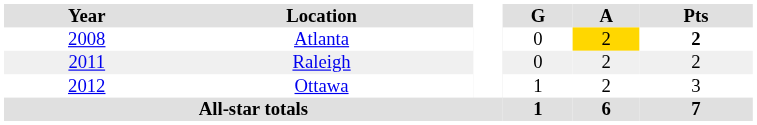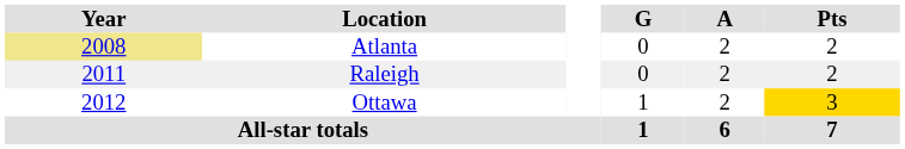 <table border="0" cellpadding="1" cellspacing="0" style="text-align: center; width: 40em;">
 <tr bgcolor="#e0e0e0">
 <th>Year</th>
 <th>Location</th>
 <th rowspan="99" bgcolor="#ffffff"> </th>
 <th>G</th>
 <th>A</th>
 <th>Pts</th>
 </tr>
 <tr>
-<td><a href='#'>2008</a></td>
+<td style="background: khaki;"><a href='#'>2008</a></td>
 <td><a href='#'>Atlanta</a></td>
 <td>0</td>
-<td style="background: gold;">2</td>
-<td><strong>2</strong></td>
+<td>2</td>
+<td>2</td>
 </tr>
 <tr bgcolor="#f0f0f0">
 <td><a href='#'>2011</a></td>
 <td><a href='#'>Raleigh</a></td>
 <td>0</td>
 <td>2</td>
 <td>2</td>
 </tr>
 <tr>
 <td><a href='#'>2012</a></td>
 <td><a href='#'>Ottawa</a></td>
 <td>1</td>
 <td>2</td>
-<td>3</td>
+<td style="background: gold;">3</td>
 </tr>
 <tr bgcolor="#e0e0e0">
 <th colspan="3">All-star totals</th>
 <th>1</th>
 <th>6</th>
 <th>7</th>
 </tr>
 </table>
